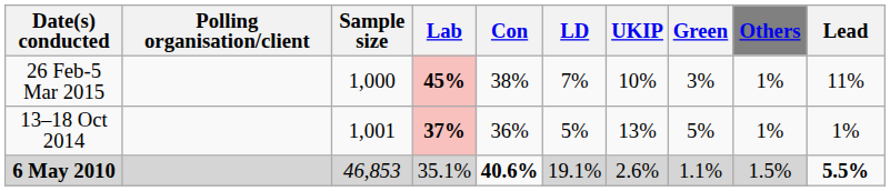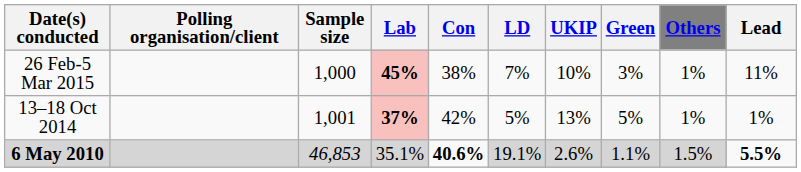 <table class="wikitable sortable" style="text-align:center;font-size:90%;line-height:14px">
 <tr>
 <th ! style="width:105px;">Date(s)<br>conducted</th>
 <th style="width:200px;">Polling organisation/client</th>
 <th class="unsortable" style="width:60px;">Sample size</th>
 <th class="unsortable" style="background:"><a href='#'><span>Lab</span></a></th>
 <th class="unsortable" style="background:"><a href='#'><span>Con</span></a></th>
 <th class="unsortable" style="background:"><a href='#'><span>LD</span></a></th>
 <th class="unsortable" style="background:"><a href='#'><span>UKIP</span></a></th>
 <th class="unsortable" style="background:"><a href='#'><span>Green</span></a></th>
 <th class="unsortable" style="background:gray; width:50px;"><a href='#'><span>Others</span></a></th>
 <th class="unsortable" style="width:85px;">Lead</th>
 </tr>
 <tr>
 <td>26 Feb-5 Mar 2015</td>
 <td></td>
 <td>1,000</td>
 <td style="background:#F8C1BE"><strong>45%</strong></td>
 <td>38%</td>
 <td>7%</td>
 <td>10%</td>
 <td>3%</td>
 <td>1%</td>
 <td style="background:">11%</td>
 </tr>
 <tr>
 <td>13–18 Oct 2014</td>
 <td></td>
 <td>1,001</td>
 <td style="background:#F8C1BE"><strong>37%</strong></td>
-<td>36%</td>
+<td>42%</td>
 <td>5%</td>
 <td>13%</td>
 <td>5%</td>
 <td>1%</td>
 <td style="background:">1%</td>
 </tr>
 <tr>
 <td style="background:#D5D5D5"><strong>6 May 2010</strong></td>
 <td style="background:#D5D5D5"></td>
 <td style="background:#D5D5D5"><em>46,853</em></td>
 <td style="background:#D5D5D5">35.1%</td>
 <td style="background:"><strong>40.6%</strong></td>
 <td style="background:#D5D5D5">19.1%</td>
 <td style="background:#D5D5D5">2.6%</td>
 <td style="background:#D5D5D5">1.1%</td>
 <td style="background:#D5D5D5">1.5%</td>
 <td style="background:"><strong>5.5% </strong></td>
 </tr>
 </table>
